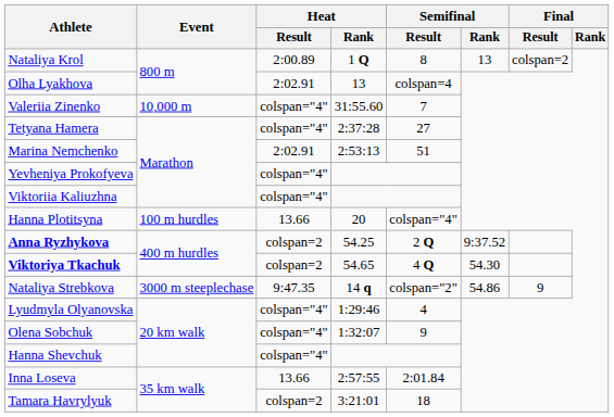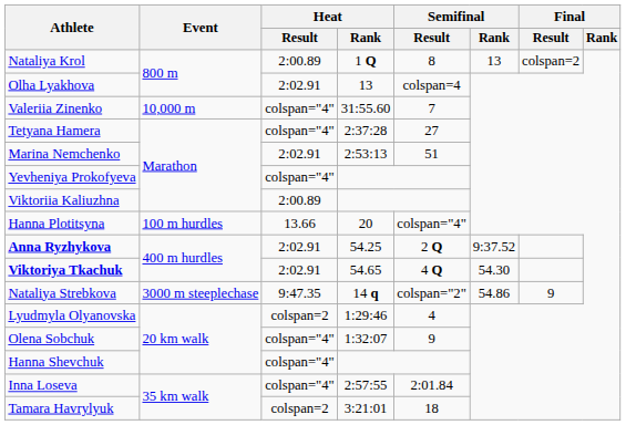 <table class="wikitable" style="font-size:90%">
 <tr>
 <th rowspan="2">Athlete</th>
 <th rowspan="2">Event</th>
 <th colspan="2">Heat</th>
 <th colspan="2">Semifinal</th>
 <th colspan="2">Final</th>
 </tr>
 <tr style="font-size:95%">
 <th>Result</th>
 <th>Rank</th>
 <th>Result</th>
 <th>Rank</th>
 <th>Result</th>
 <th>Rank</th>
 </tr>
 <tr align=center>
 <td align=left><a href='#'>Nataliya Krol</a></td>
 <td align=left rowspan=2><a href='#'>800 m</a></td>
 <td>2:00.89 </td>
 <td>1 <strong>Q</strong></td>
 <td>8</td>
 <td>13</td>
 <td>colspan=2 </td>
 </tr>
 <tr align=center>
 <td align=left><a href='#'>Olha Lyakhova</a></td>
 <td>2:02.91</td>
 <td>13</td>
 <td>colspan=4 </td>
 </tr>
 <tr align=center>
 <td align=left><a href='#'>Valeriia Zinenko</a></td>
 <td align=left><a href='#'>10,000 m</a></td>
 <td>colspan="4" </td>
 <td>31:55.60 </td>
 <td>7</td>
 </tr>
 <tr align=center>
 <td align=left><a href='#'>Tetyana Hamera</a></td>
 <td align=left rowspan=4><a href='#'>Marathon</a></td>
 <td>colspan="4" </td>
 <td>2:37:28 </td>
 <td>27</td>
 </tr>
 <tr align=center>
 <td align=left><a href='#'>Marina Nemchenko</a></td>
 <td>2:02.91</td>
 <td>2:53:13 </td>
 <td>51</td>
 </tr>
 <tr align=center>
 <td align=left><a href='#'>Yevheniya Prokofyeva</a></td>
 <td>colspan="4" </td>
 <td colspan="2"></td>
 </tr>
 <tr align=center>
 <td align=left><a href='#'>Viktoriia Kaliuzhna</a></td>
-<td>colspan="4" </td>
+<td>2:00.89 </td>
 <td colspan="2"></td>
 </tr>
 <tr align=center>
 <td align=left><a href='#'>Hanna Plotitsyna</a></td>
 <td align=left><a href='#'>100 m hurdles</a></td>
 <td>13.66</td>
 <td>20</td>
 <td>colspan="4" </td>
 </tr>
 <tr align=center>
 <td align=left><strong><a href='#'>Anna Ryzhykova</a></strong></td>
 <td rowspan="2" align=left><a href='#'>400 m hurdles</a></td>
-<td>colspan=2 </td>
+<td>2:02.91</td>
 <td>54.25 </td>
 <td>2 <strong>Q</strong></td>
 <td>9:37.52</td>
 <td></td>
 </tr>
 <tr align=center>
 <td align=left><strong><a href='#'>Viktoriya Tkachuk</a></strong></td>
-<td>colspan=2 </td>
+<td>2:02.91</td>
 <td>54.65</td>
 <td>4 <strong>Q</strong></td>
 <td>54.30</td>
 <td></td>
 </tr>
 <tr align=center>
 <td align=left><a href='#'>Nataliya Strebkova</a></td>
 <td align=left><a href='#'>3000 m steeplechase</a></td>
 <td>9:47.35</td>
 <td>14 <strong>q</strong></td>
 <td>colspan="2" </td>
 <td>54.86</td>
 <td>9</td>
 </tr>
 <tr align=center>
 <td align=left><a href='#'>Lyudmyla Olyanovska</a></td>
 <td align=left rowspan=3><a href='#'>20 km walk</a></td>
-<td>colspan="4" </td>
+<td>colspan=2 </td>
 <td>1:29:46 </td>
 <td>4</td>
 </tr>
 <tr align=center>
 <td align=left><a href='#'>Olena Sobchuk</a></td>
 <td>colspan="4" </td>
 <td>1:32:07</td>
 <td>9</td>
 </tr>
 <tr align=center>
 <td align=left><a href='#'>Hanna Shevchuk</a></td>
 <td>colspan="4" </td>
 <td colspan="2"></td>
 </tr>
 <tr align=center>
 <td align=left><a href='#'>Inna Loseva</a></td>
 <td align=left rowspan=2><a href='#'>35 km walk</a></td>
-<td>13.66</td>
+<td>colspan="4" </td>
 <td>2:57:55 </td>
 <td>2:01.84</td>
 </tr>
 <tr align=center>
 <td align=left><a href='#'>Tamara Havrylyuk</a></td>
 <td>colspan=2 </td>
 <td>3:21:01 </td>
 <td>18</td>
 </tr>
 </table>
